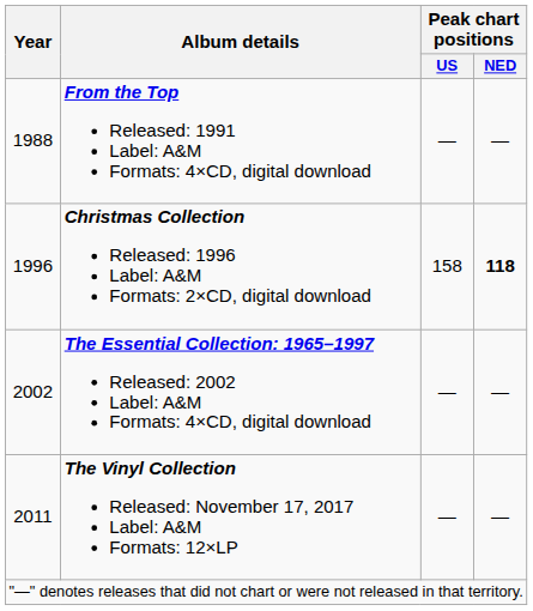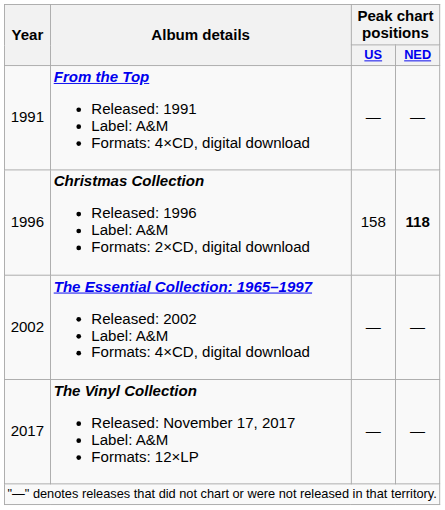 <table class="wikitable" style="text-align:center">
 <tr>
 <th rowspan="2">Year</th>
 <th rowspan="2">Album details</th>
 <th colspan="2">Peak chart positions</th>
 </tr>
 <tr>
 <th style="width:3em;font-size:85%"><a href='#'>US</a><br></th>
 <th style="width:3em;font-size:85%"><a href='#'>NED</a><br></th>
 </tr>
 <tr>
-<td>1988</td>
+<td>1991</td>
 <td align="left"><strong><em><a href='#'>From the Top</a></em></strong><br><ul><li>Released: 1991</li><li>Label: A&M</li><li>Formats: 4×CD, digital download</li></ul></td>
 <td>—</td>
 <td>—</td>
 </tr>
 <tr>
 <td>1996</td>
 <td align="left"><strong><em>Christmas Collection</em></strong><br><ul><li>Released: 1996</li><li>Label: A&M</li><li>Formats: 2×CD, digital download</li></ul></td>
 <td>158</td>
 <td><strong>118</strong></td>
 </tr>
 <tr>
 <td>2002</td>
 <td align="left"><strong><em><a href='#'>The Essential Collection: 1965–1997</a></em></strong><br><ul><li>Released: 2002</li><li>Label: A&M</li><li>Formats: 4×CD, digital download</li></ul></td>
 <td>—</td>
 <td>—</td>
 </tr>
 <tr>
-<td>2011</td>
+<td>2017</td>
 <td align="left"><strong><em>The Vinyl Collection</em></strong><br><ul><li>Released: November 17, 2017</li><li>Label: A&M</li><li>Formats: 12×LP</li></ul></td>
 <td>—</td>
 <td>—</td>
 </tr>
 <tr>
 <td align="center" colspan="15" style="font-size:85%">"—" denotes releases that did not chart or were not released in that territory.</td>
 </tr>
 </table>
